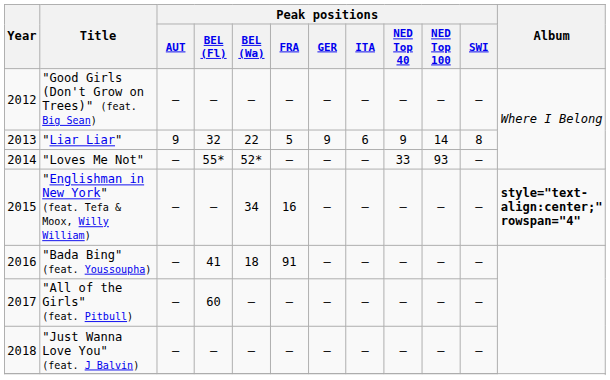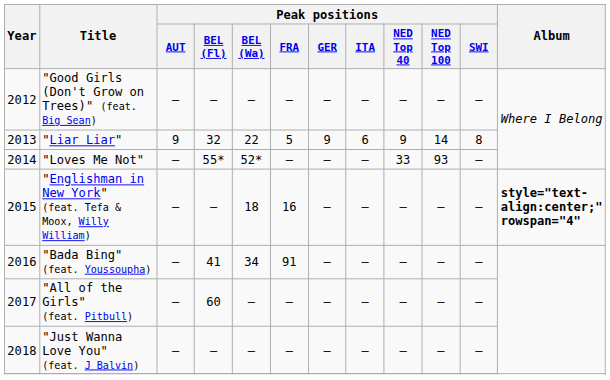 <table class="wikitable">
 <tr>
 <th rowspan="2" style="text-align:center; width:10px;">Year</th>
 <th rowspan="2" style="text-align:center; width:120px;">Title</th>
 <th colspan="9" style="text-align:center; width:20px;">Peak positions</th>
 <th rowspan="2" style="text-align:center; width:70px;">Album</th>
 </tr>
 <tr>
 <th scope="col" style="width:3em;font-size:90%;"><a href='#'>AUT</a><br></th>
 <th scope="col" style="width:3em;font-size:90%;"><a href='#'>BEL <br> (Fl)</a><br></th>
 <th scope="col" style="width:3em;font-size:90%;"><a href='#'>BEL<br> (Wa)</a><br></th>
 <th scope="col" style="width:3em;font-size:90%;"><a href='#'>FRA</a><br></th>
 <th scope="col" style="width:3em;font-size:90%;"><a href='#'>GER</a><br></th>
 <th scope="col" style="width:3em;font-size:90%;"><a href='#'>ITA</a><br></th>
 <th scope="col" style="width:3em;font-size:90%;"><a href='#'>NED <br> Top 40</a><br></th>
 <th scope="col" style="width:3em;font-size:90%;"><a href='#'>NED <br>Top 100</a><br></th>
 <th scope="col" style="width:3em;font-size:90%;"><a href='#'>SWI</a><br></th>
 </tr>
 <tr>
 <td style="text-align:center;">2012</td>
 <td>"Good Girls (Don't Grow on Trees)" <small>(feat. <a href='#'>Big Sean</a>)</small></td>
 <td style="text-align:center;">—</td>
 <td style="text-align:center;">—</td>
 <td style="text-align:center;">—</td>
 <td style="text-align:center;">—</td>
 <td style="text-align:center;">—</td>
 <td style="text-align:center;">—</td>
 <td style="text-align:center;">—</td>
 <td style="text-align:center;">—</td>
 <td style="text-align:center;">—</td>
 <td style="text-align:center;" rowspan="3"><em>Where I Belong</em></td>
 </tr>
 <tr>
 <td style="text-align:center;">2013</td>
 <td>"<a href='#'>Liar Liar</a>"</td>
 <td style="text-align:center;">9</td>
 <td style="text-align:center;">32</td>
 <td style="text-align:center;">22</td>
 <td style="text-align:center;">5</td>
 <td style="text-align:center;">9</td>
 <td style="text-align:center;">6</td>
 <td style="text-align:center;">9</td>
 <td style="text-align:center;">14</td>
 <td style="text-align:center;">8</td>
 </tr>
 <tr>
 <td style="text-align:center;">2014</td>
 <td>"Loves Me Not"</td>
 <td style="text-align:center;">—</td>
 <td style="text-align:center;">55*</td>
 <td style="text-align:center;">52*</td>
 <td style="text-align:center;">—</td>
 <td style="text-align:center;">—</td>
 <td style="text-align:center;">—</td>
 <td style="text-align:center;">33</td>
 <td style="text-align:center;">93</td>
 <td style="text-align:center;">—</td>
 </tr>
 <tr>
 <td style="text-align:center;">2015</td>
 <td>"<a href='#'>Englishman in New York</a>"<br><small>(feat. Tefa & Moox, <a href='#'>Willy William</a>)</small></td>
 <td style="text-align:center;">—</td>
 <td style="text-align:center;">—</td>
-<td style="text-align:center;">34</td>
+<td style="text-align:center;">18</td>
 <td style="text-align:center;">16</td>
 <td style="text-align:center;">—</td>
 <td style="text-align:center;">—</td>
 <td style="text-align:center;">—</td>
 <td style="text-align:center;">—</td>
 <td style="text-align:center;">—</td>
 <td><strong>style="text-align:center;" rowspan="4" </strong></td>
 </tr>
 <tr>
 <td style="text-align:center;">2016</td>
 <td>"Bada Bing" <br><small>(feat. <a href='#'>Youssoupha</a>)</small></td>
 <td style="text-align:center;">—</td>
 <td style="text-align:center;">41</td>
-<td style="text-align:center;">18</td>
+<td style="text-align:center;">34</td>
 <td style="text-align:center;">91<br></td>
 <td style="text-align:center;">—</td>
 <td style="text-align:center;">—</td>
 <td style="text-align:center;">—</td>
 <td style="text-align:center;">—</td>
 <td style="text-align:center;">—</td>
 </tr>
 <tr>
 <td style="text-align:center;">2017</td>
 <td>"All of the Girls" <br><small>(feat. <a href='#'>Pitbull</a>)</small></td>
 <td style="text-align:center;">—</td>
 <td style="text-align:center;">60</td>
 <td style="text-align:center;">—</td>
 <td style="text-align:center;">—</td>
 <td style="text-align:center;">—</td>
 <td style="text-align:center;">—</td>
 <td style="text-align:center;">—</td>
 <td style="text-align:center;">—</td>
 <td style="text-align:center;">—</td>
 </tr>
 <tr>
 <td style="text-align:center;">2018</td>
 <td>"Just Wanna Love You" <br><small>(feat. <a href='#'>J Balvin</a>)</small></td>
 <td style="text-align:center;">—</td>
 <td style="text-align:center;">—</td>
 <td style="text-align:center;">—</td>
 <td style="text-align:center;">—</td>
 <td style="text-align:center;">—</td>
 <td style="text-align:center;">—</td>
 <td style="text-align:center;">—</td>
 <td style="text-align:center;">—</td>
 <td style="text-align:center;">—</td>
 </tr>
 <tr>
 </tr>
 </table>
